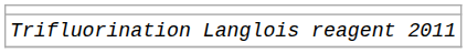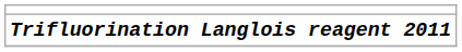 <table align="center"  class="wikitable" style="background-color:white;">
 <tr>
 <td></td>
 </tr>
 <tr>
-<td><em>Trifluorination Langlois reagent 2011</em></td>
+<td><strong><em>Trifluorination Langlois reagent 2011</em></strong></td>
 </tr>
 <tr>
 </tr>
 </table>
